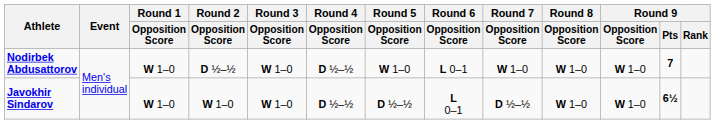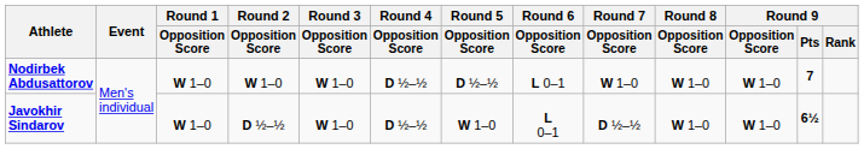 <table class=wikitable style="font-size:90%; text-align:center;">
 <tr>
 <th rowspan="2">Athlete</th>
 <th rowspan="2">Event</th>
 <th>Round 1</th>
 <th>Round 2</th>
 <th>Round 3</th>
 <th>Round 4</th>
 <th>Round 5</th>
 <th>Round 6</th>
 <th>Round 7</th>
 <th>Round 8</th>
 <th colspan=3>Round 9</th>
 </tr>
 <tr style="font-size:95%">
 <th>Opposition<br>Score</th>
 <th>Opposition<br>Score</th>
 <th>Opposition<br>Score</th>
 <th>Opposition<br>Score</th>
 <th>Opposition<br>Score</th>
 <th>Opposition<br>Score</th>
 <th>Opposition<br>Score</th>
 <th>Opposition<br>Score</th>
 <th>Opposition<br>Score</th>
 <th>Pts</th>
 <th>Rank</th>
 </tr>
 <tr>
 <td align=left><strong><a href='#'>Nodirbek Abdusattorov</a></strong></td>
 <td align=left rowspan=2><a href='#'>Men's individual</a></td>
 <td><br><strong>W</strong> 1–0</td>
-<td><br><strong>D</strong> ½–½</td>
+<td><br><strong>W</strong> 1–0</td>
 <td><br><strong>W</strong> 1–0</td>
 <td><br><strong>D</strong> ½–½</td>
-<td><br><strong>W</strong> 1–0</td>
+<td><br><strong>D</strong> ½–½</td>
 <td><br><strong>L</strong> 0–1</td>
 <td><br><strong>W</strong> 1–0</td>
 <td><br><strong>W</strong> 1–0</td>
 <td><br><strong>W</strong> 1–0</td>
 <td><strong>7</strong></td>
 <td></td>
 </tr>
 <tr>
 <td align=left><strong><a href='#'>Javokhir Sindarov</a></strong></td>
 <td><br><strong>W</strong> 1–0</td>
-<td><br><strong>W</strong> 1–0</td>
+<td><br><strong>D</strong> ½–½</td>
 <td><br><strong>W</strong> 1–0</td>
 <td><br><strong>D</strong> ½–½</td>
-<td><br><strong>D</strong> ½–½</td>
+<td><br><strong>W</strong> 1–0</td>
 <td><br> <strong>L</strong><br>0–1</td>
 <td><br><strong>D</strong> ½–½</td>
 <td><br><strong>W</strong> 1–0</td>
 <td><br><strong>W</strong> 1–0</td>
 <td><strong>6½</strong></td>
 <td></td>
 </tr>
 </table>
